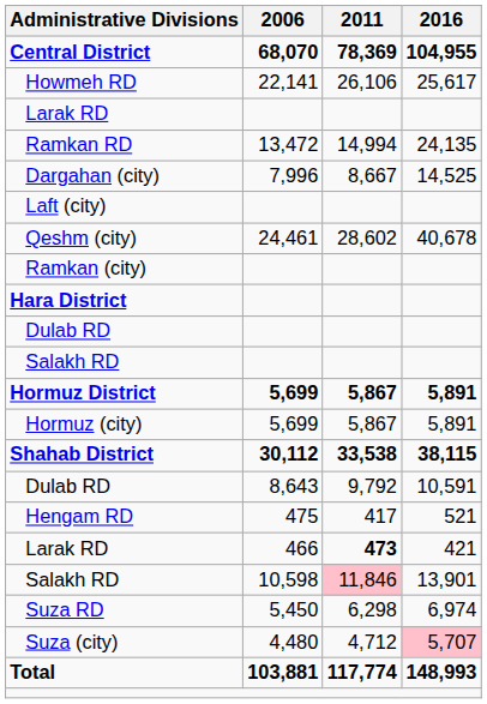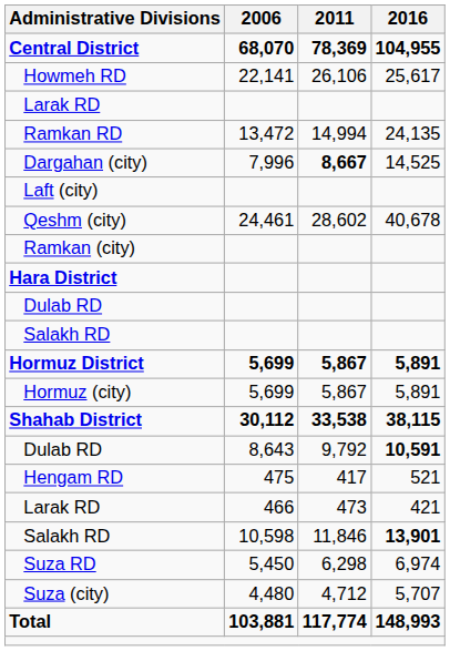 <table class="wikitable">
 <tr>
 <th>Administrative Divisions</th>
 <th>2006</th>
 <th>2011</th>
 <th>2016</th>
 </tr>
 <tr>
 <td><strong><a href='#'>Central District</a></strong></td>
 <td style="text-align: right;"><strong>68,070</strong></td>
 <td style="text-align: right;"><strong>78,369</strong></td>
 <td style="text-align: right;"><strong>104,955</strong></td>
 </tr>
 <tr>
 <td style="padding-left: 1em;"><a href='#'>Howmeh RD</a></td>
 <td style="text-align: right;">22,141</td>
 <td style="text-align: right;">26,106</td>
 <td style="text-align: right;">25,617</td>
 </tr>
 <tr>
 <td style="padding-left: 1em;"><a href='#'>Larak RD</a></td>
 <td style="text-align: right;"></td>
 <td style="text-align: right;"></td>
 <td style="text-align: right;"></td>
 </tr>
 <tr>
 <td style="padding-left: 1em;"><a href='#'>Ramkan RD</a></td>
 <td style="text-align: right;">13,472</td>
 <td style="text-align: right;">14,994</td>
 <td style="text-align: right;">24,135</td>
 </tr>
 <tr>
 <td style="padding-left: 1em;"><a href='#'>Dargahan</a> (city)</td>
 <td style="text-align: right;">7,996</td>
-<td style="text-align: right;">8,667</td>
+<td style="text-align: right;"><strong>8,667</strong></td>
 <td style="text-align: right;">14,525</td>
 </tr>
 <tr>
 <td style="padding-left: 1em;"><a href='#'>Laft</a> (city)</td>
 <td style="text-align: right;"></td>
 <td style="text-align: right;"></td>
 <td style="text-align: right;"></td>
 </tr>
 <tr>
 <td style="padding-left: 1em;"><a href='#'>Qeshm</a> (city)</td>
 <td style="text-align: right;">24,461</td>
 <td style="text-align: right;">28,602</td>
 <td style="text-align: right;">40,678</td>
 </tr>
 <tr>
 <td style="padding-left: 1em;"><a href='#'>Ramkan</a> (city)</td>
 <td style="text-align: right;"></td>
 <td style="text-align: right;"></td>
 <td style="text-align: right;"></td>
 </tr>
 <tr>
 <td><strong><a href='#'>Hara District</a></strong></td>
 <td style="text-align: right;"></td>
 <td style="text-align: right;"></td>
 <td style="text-align: right;"></td>
 </tr>
 <tr>
 <td style="padding-left: 1em;"><a href='#'>Dulab RD</a></td>
 <td style="text-align: right;"></td>
 <td style="text-align: right;"></td>
 <td style="text-align: right;"></td>
 </tr>
 <tr>
 <td style="padding-left: 1em;"><a href='#'>Salakh RD</a></td>
 <td style="text-align: right;"></td>
 <td style="text-align: right;"></td>
 <td style="text-align: right;"></td>
 </tr>
 <tr>
 <td><strong><a href='#'>Hormuz District</a></strong></td>
 <td style="text-align: right;"><strong>5,699</strong></td>
 <td style="text-align: right;"><strong>5,867</strong></td>
 <td style="text-align: right;"><strong>5,891</strong></td>
 </tr>
 <tr>
 <td style="padding-left: 1em;"><a href='#'>Hormuz</a> (city)</td>
 <td style="text-align: right;">5,699</td>
 <td style="text-align: right;">5,867</td>
 <td style="text-align: right;">5,891</td>
 </tr>
 <tr>
 <td><strong><a href='#'>Shahab District</a></strong></td>
 <td style="text-align: right;"><strong>30,112</strong></td>
 <td style="text-align: right;"><strong>33,538</strong></td>
 <td style="text-align: right;"><strong>38,115</strong></td>
 </tr>
 <tr>
 <td style="padding-left: 1em;">Dulab RD</td>
 <td style="text-align: right;">8,643</td>
 <td style="text-align: right;">9,792</td>
-<td style="text-align: right;">10,591</td>
+<td style="text-align: right;"><strong>10,591</strong></td>
 </tr>
 <tr>
 <td style="padding-left: 1em;"><a href='#'>Hengam RD</a></td>
 <td style="text-align: right;">475</td>
 <td style="text-align: right;">417</td>
 <td style="text-align: right;">521</td>
 </tr>
 <tr>
 <td style="padding-left: 1em;">Larak RD</td>
 <td style="text-align: right;">466</td>
-<td style="text-align: right;"><strong>473</strong></td>
+<td style="text-align: right;">473</td>
 <td style="text-align: right;">421</td>
 </tr>
 <tr>
 <td style="padding-left: 1em;">Salakh RD</td>
 <td style="text-align: right;">10,598</td>
-<td style="background: pink; text-align: right;">11,846</td>
-<td style="text-align: right;">13,901</td>
+<td style="text-align: right;">11,846</td>
+<td style="text-align: right;"><strong>13,901</strong></td>
 </tr>
 <tr>
 <td style="padding-left: 1em;"><a href='#'>Suza RD</a></td>
 <td style="text-align: right;">5,450</td>
 <td style="text-align: right;">6,298</td>
 <td style="text-align: right;">6,974</td>
 </tr>
 <tr>
 <td style="padding-left: 1em;"><a href='#'>Suza</a> (city)</td>
 <td style="text-align: right;">4,480</td>
 <td style="text-align: right;">4,712</td>
-<td style="background: pink; text-align: right;">5,707</td>
+<td style="text-align: right;">5,707</td>
 </tr>
 <tr>
 <td><strong>Total</strong></td>
 <td style="text-align: right;"><strong>103,881</strong></td>
 <td style="text-align: right;"><strong>117,774</strong></td>
 <td style="text-align: right;"><strong>148,993</strong></td>
 </tr>
 <tr>
 <td colspan=4></td>
 </tr>
 </table>
